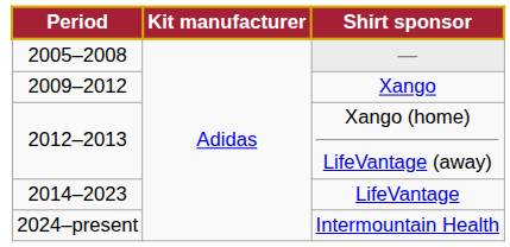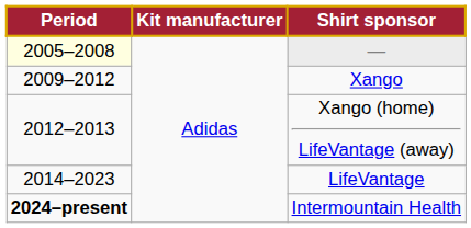 <table class="wikitable" style="text-align:center;margin-left:1em;float:right">
 <tr>
 <th style="background:#A32035; color:#FFF; border:2px solid #DAA900;" scope="col">Period</th>
 <th style="background:#A32035; color:#FFF; border:2px solid #DAA900;" scope="col">Kit manufacturer</th>
 <th style="background:#A32035; color:#FFF; border:2px solid #DAA900;" scope="col">Shirt sponsor</th>
 </tr>
 <tr>
-<td>2005–2008</td>
+<td style="background: lightyellow;">2005–2008</td>
 <td rowspan="5"><a href='#'>Adidas</a></td>
 <td style="background:#ececec; color:gray">—</td>
 </tr>
 <tr>
 <td>2009–2012</td>
 <td><a href='#'>Xango</a></td>
 </tr>
 <tr>
 <td>2012–2013</td>
 <td>Xango (home)<hr><a href='#'>LifeVantage</a> (away)</td>
 </tr>
 <tr>
 <td>2014–2023</td>
 <td><a href='#'>LifeVantage</a></td>
 </tr>
 <tr>
-<td>2024–present</td>
+<td><strong>2024–present</strong></td>
 <td><a href='#'>Intermountain Health</a></td>
 </tr>
 </table>
